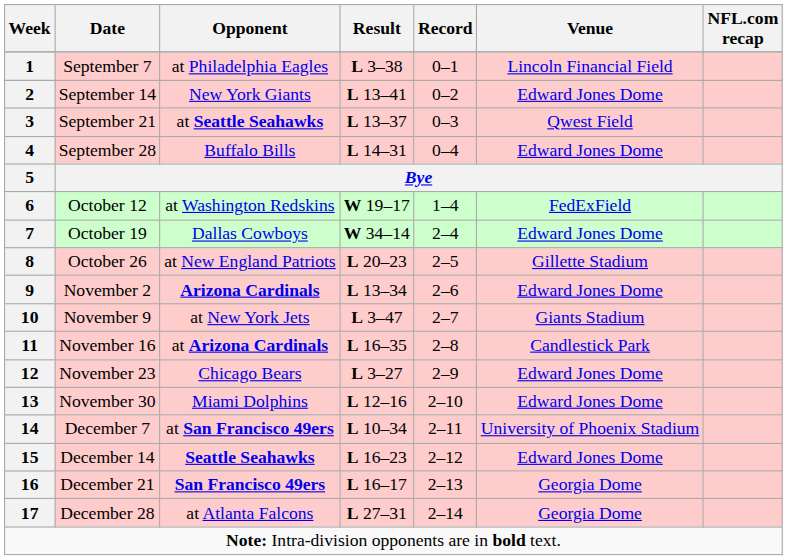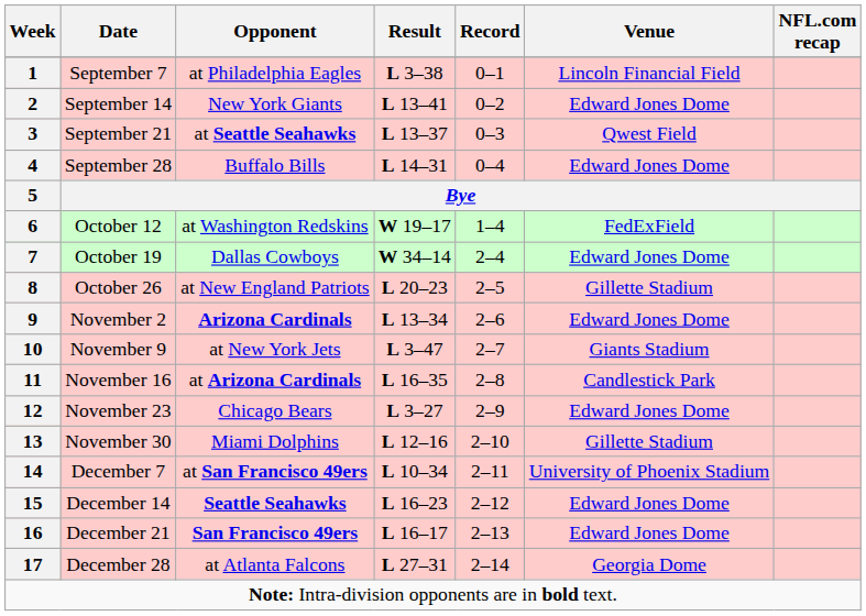 <table class="wikitable" style="text-align:center">
 <tr>
 <th>Week</th>
 <th>Date</th>
 <th>Opponent</th>
 <th>Result</th>
 <th>Record</th>
 <th>Venue</th>
 <th>NFL.com<br>recap</th>
 </tr>
 <tr>
 </tr>
 <tr style="background: #fcc;">
 <th>1</th>
 <td>September 7</td>
 <td>at <a href='#'>Philadelphia Eagles</a></td>
 <td><strong>L</strong> 3–38</td>
 <td>0–1</td>
 <td><a href='#'>Lincoln Financial Field</a></td>
 <td></td>
 </tr>
 <tr>
 </tr>
 <tr style="background: #fcc;">
 <th>2</th>
 <td>September 14</td>
 <td><a href='#'>New York Giants</a></td>
 <td><strong>L</strong> 13–41</td>
 <td>0–2</td>
 <td><a href='#'>Edward Jones Dome</a></td>
 <td></td>
 </tr>
 <tr style="background: #fcc;">
 <th>3</th>
 <td>September 21</td>
 <td>at <strong><a href='#'>Seattle Seahawks</a></strong></td>
 <td><strong>L</strong> 13–37</td>
 <td>0–3</td>
 <td><a href='#'>Qwest Field</a></td>
 <td></td>
 </tr>
 <tr style="background: #fcc;">
 <th>4</th>
 <td>September 28</td>
 <td><a href='#'>Buffalo Bills</a></td>
 <td><strong>L</strong> 14–31</td>
 <td>0–4</td>
 <td><a href='#'>Edward Jones Dome</a></td>
 <td></td>
 </tr>
 <tr>
 <th>5</th>
 <th colspan="6" align="center"><em><a href='#'>Bye</a></em></th>
 </tr>
 <tr style="background: #cfc;">
 <th>6</th>
 <td>October 12</td>
 <td>at <a href='#'>Washington Redskins</a></td>
 <td><strong>W</strong> 19–17</td>
 <td>1–4</td>
 <td><a href='#'>FedExField</a></td>
 <td></td>
 </tr>
 <tr style="background: #cfc;">
 <th>7</th>
 <td>October 19</td>
 <td><a href='#'>Dallas Cowboys</a></td>
 <td><strong>W</strong> 34–14</td>
 <td>2–4</td>
 <td><a href='#'>Edward Jones Dome</a></td>
 <td></td>
 </tr>
 <tr style="background: #fcc;">
 <th>8</th>
 <td>October 26</td>
 <td>at <a href='#'>New England Patriots</a></td>
 <td><strong>L</strong> 20–23</td>
 <td>2–5</td>
 <td><a href='#'>Gillette Stadium</a></td>
 <td></td>
 </tr>
 <tr style="background: #fcc;">
 <th>9</th>
 <td>November 2</td>
 <td><strong><a href='#'>Arizona Cardinals</a></strong></td>
 <td><strong>L</strong> 13–34</td>
 <td>2–6</td>
 <td><a href='#'>Edward Jones Dome</a></td>
 <td></td>
 </tr>
 <tr style="background: #fcc;">
 <th>10</th>
 <td>November 9</td>
 <td>at <a href='#'>New York Jets</a></td>
 <td><strong>L</strong> 3–47</td>
 <td>2–7</td>
 <td><a href='#'>Giants Stadium</a></td>
 <td></td>
 </tr>
 <tr style="background: #fcc;">
 <th>11</th>
 <td>November 16</td>
 <td>at <strong><a href='#'>Arizona Cardinals</a></strong></td>
 <td><strong>L</strong> 16–35</td>
 <td>2–8</td>
 <td><a href='#'>Candlestick Park</a></td>
 <td></td>
 </tr>
 <tr style="background: #fcc;">
 <th>12</th>
 <td>November 23</td>
 <td><a href='#'>Chicago Bears</a></td>
 <td><strong>L</strong> 3–27</td>
 <td>2–9</td>
 <td><a href='#'>Edward Jones Dome</a></td>
 <td></td>
 </tr>
 <tr style="background: #fcc;">
 <th>13</th>
 <td>November 30</td>
 <td><a href='#'>Miami Dolphins</a></td>
 <td><strong>L</strong> 12–16</td>
 <td>2–10</td>
-<td><a href='#'>Edward Jones Dome</a></td>
+<td><a href='#'>Gillette Stadium</a></td>
 <td></td>
 </tr>
 <tr style="background: #fcc;">
 <th>14</th>
 <td>December 7</td>
 <td>at <strong><a href='#'>San Francisco 49ers</a></strong></td>
 <td><strong>L</strong> 10–34</td>
 <td>2–11</td>
 <td><a href='#'>University of Phoenix Stadium</a></td>
 <td></td>
 </tr>
 <tr style="background: #fcc;">
 <th>15</th>
 <td>December 14</td>
 <td><strong><a href='#'>Seattle Seahawks</a></strong></td>
 <td><strong>L</strong> 16–23</td>
 <td>2–12</td>
 <td><a href='#'>Edward Jones Dome</a></td>
 <td></td>
 </tr>
 <tr style="background: #fcc;">
 <th>16</th>
 <td>December 21</td>
 <td><strong><a href='#'>San Francisco 49ers</a></strong></td>
 <td><strong>L</strong> 16–17</td>
 <td>2–13</td>
-<td><a href='#'>Georgia Dome</a></td>
+<td><a href='#'>Edward Jones Dome</a></td>
 <td></td>
 </tr>
 <tr style="background: #fcc;">
 <th>17</th>
 <td>December 28</td>
 <td>at <a href='#'>Atlanta Falcons</a></td>
 <td><strong>L</strong> 27–31</td>
 <td>2–14</td>
 <td><a href='#'>Georgia Dome</a></td>
 <td></td>
 </tr>
 <tr>
 <td colspan="7"><strong>Note:</strong> Intra-division opponents are in <strong>bold</strong> text.</td>
 </tr>
 </table>
